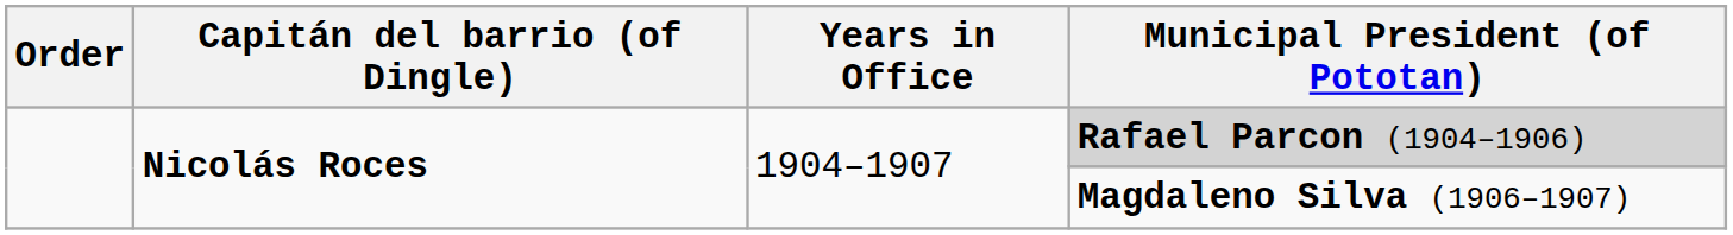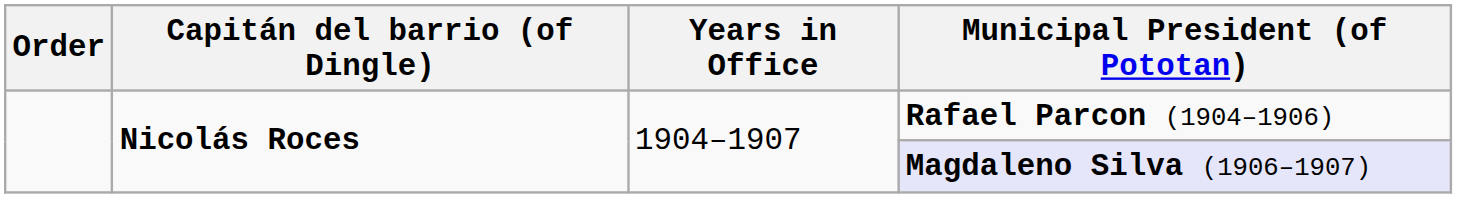 <table class="wikitable">
 <tr>
 <th>Order</th>
 <th>Capitán del barrio (of Dingle)</th>
 <th>Years in Office</th>
 <th>Municipal President (of <a href='#'>Pototan</a>)</th>
 </tr>
 <tr>
 <td rowspan="2"></td>
 <td rowspan="2"><strong>Nicolás Roces</strong></td>
 <td rowspan="2">1904–1907</td>
-<td style="background: lightgrey;"><strong>Rafael Parcon</strong> <small>(1904</small><small>–190</small><small>6</small><small>)</small></td>
+<td><strong>Rafael Parcon</strong> <small>(1904</small><small>–190</small><small>6</small><small>)</small></td>
 </tr>
 <tr>
-<td><strong>Magdaleno Silva</strong> <small>(1906–1907</small><small>)</small></td>
+<td style="background: lavender;"><strong>Magdaleno Silva</strong> <small>(1906–1907</small><small>)</small></td>
 </tr>
 </table>
